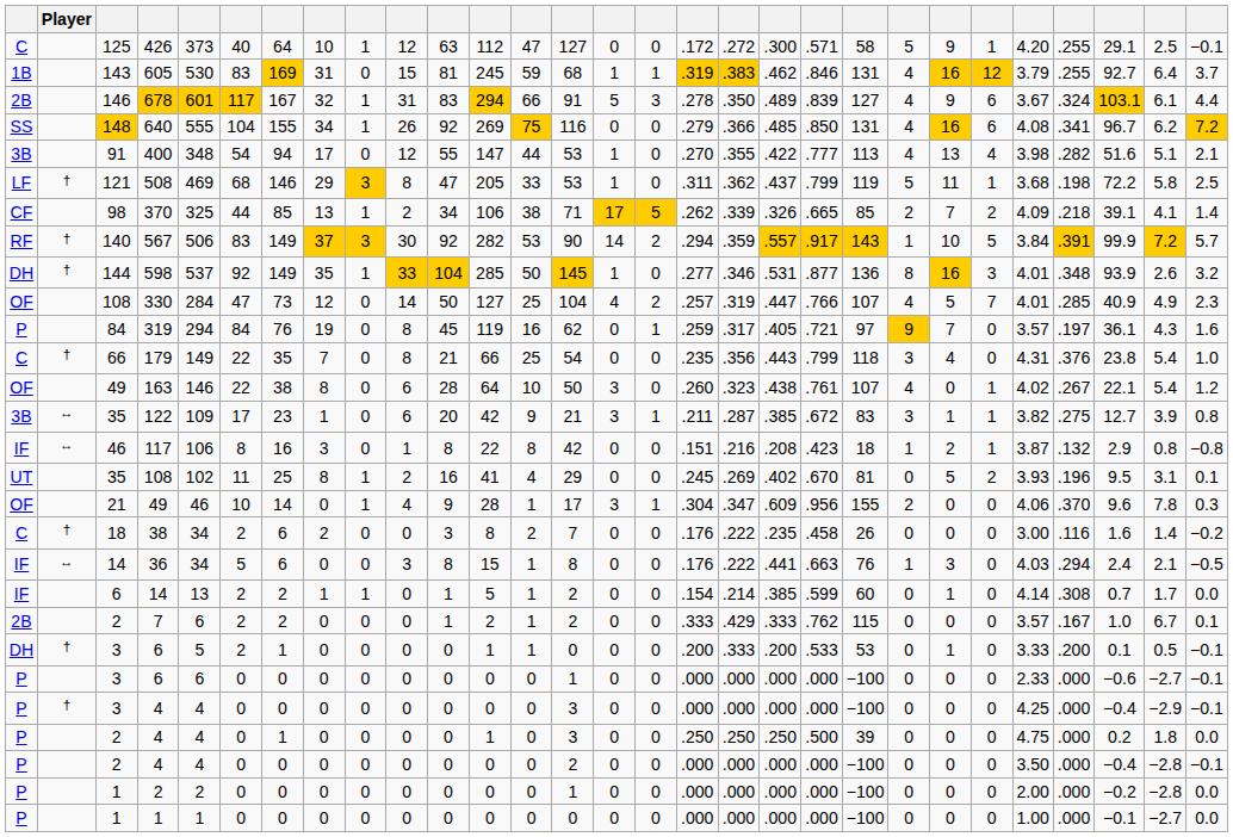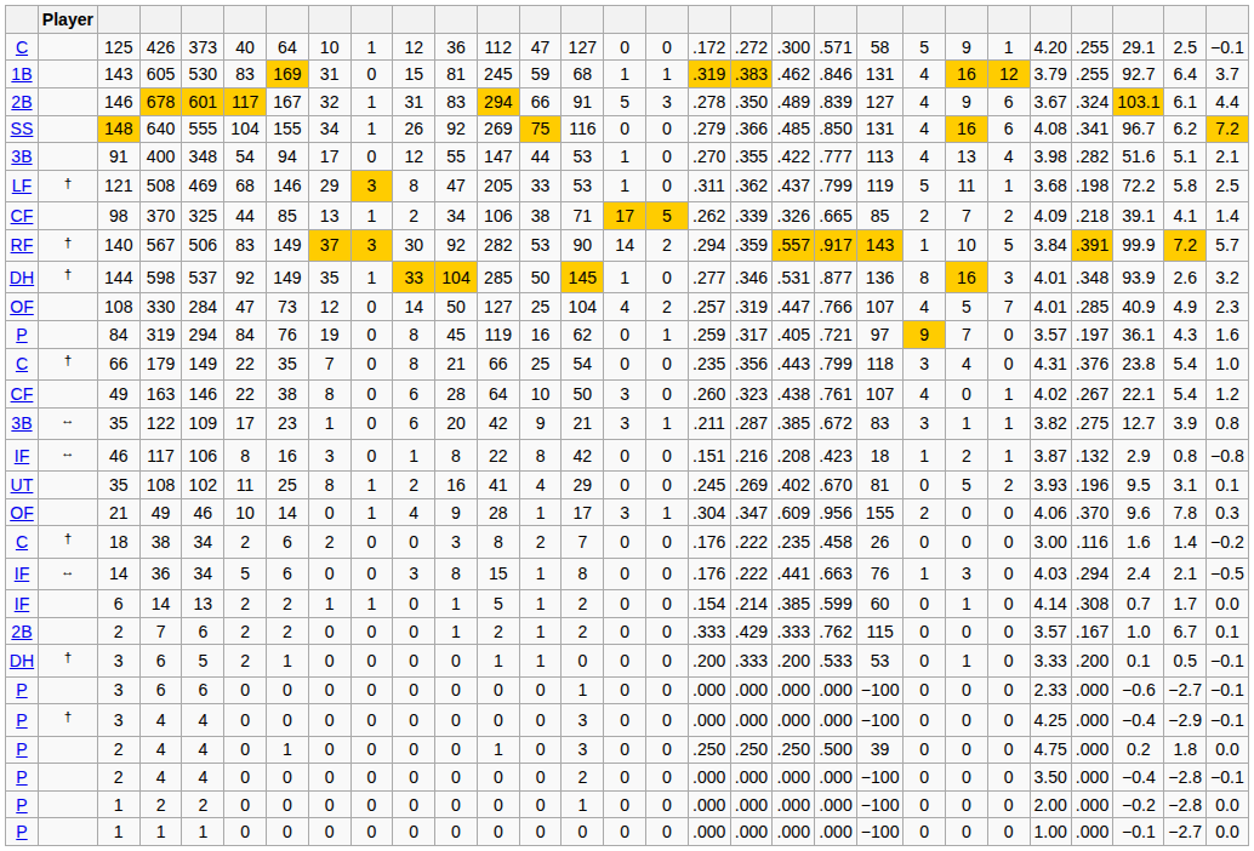 <table class="wikitable sortable" style="font-size:88%">
 <tr>
 <th></th>
 <th>Player</th>
 <th></th>
 <th></th>
 <th></th>
 <th></th>
 <th></th>
 <th></th>
 <th></th>
 <th></th>
 <th></th>
 <th></th>
 <th></th>
 <th></th>
 <th></th>
 <th></th>
 <th></th>
 <th></th>
 <th></th>
 <th></th>
 <th></th>
 <th></th>
 <th></th>
 <th></th>
 <th></th>
 <th></th>
 <th></th>
 <th></th>
 <th><br></th>
 </tr>
 <tr style="text-align:center;">
 <td><a href='#'>C</a></td>
 <td></td>
 <td>125</td>
 <td>426</td>
 <td>373</td>
 <td>40</td>
 <td>64</td>
 <td>10</td>
 <td>1</td>
 <td>12</td>
-<td>63</td>
+<td>36</td>
 <td>112</td>
 <td>47</td>
 <td>127</td>
 <td>0</td>
 <td>0</td>
 <td>.172</td>
 <td>.272</td>
 <td>.300</td>
 <td>.571</td>
 <td>58</td>
 <td>5</td>
 <td>9</td>
 <td>1</td>
 <td>4.20</td>
 <td>.255</td>
 <td>29.1</td>
 <td>2.5</td>
 <td>−0.1</td>
 </tr>
 <tr style="text-align:center;">
 <td><a href='#'>1B</a></td>
 <td></td>
 <td>143</td>
 <td>605</td>
 <td>530</td>
 <td>83</td>
 <td style="background:#fc0; border:1px solid #aaa; width:2em;">169</td>
 <td>31</td>
 <td>0</td>
 <td>15</td>
 <td>81</td>
 <td>245</td>
 <td>59</td>
 <td>68</td>
 <td>1</td>
 <td>1</td>
 <td style="background:#fc0; border:1px solid #aaa; width:2em;">.319</td>
 <td style="background:#fc0; border:1px solid #aaa; width:2em;">.383</td>
 <td>.462</td>
 <td>.846</td>
 <td>131</td>
 <td>4</td>
 <td style="background:#fc0; border:1px solid #aaa; width:2em;">16</td>
 <td style="background:#fc0; border:1px solid #aaa; width:2em;">12</td>
 <td>3.79</td>
 <td>.255</td>
 <td>92.7</td>
 <td>6.4</td>
 <td>3.7</td>
 </tr>
 <tr style="text-align:center;">
 <td><a href='#'>2B</a></td>
 <td></td>
 <td>146</td>
 <td style="background:#fc0; border:1px solid #aaa; width:2em;">678</td>
 <td style="background:#fc0; border:1px solid #aaa; width:2em;">601</td>
 <td style="background:#fc0; border:1px solid #aaa; width:2em;">117</td>
 <td>167</td>
 <td>32</td>
 <td>1</td>
 <td>31</td>
 <td>83</td>
 <td style="background:#fc0; border:1px solid #aaa; width:2em;">294</td>
 <td>66</td>
 <td>91</td>
 <td>5</td>
 <td>3</td>
 <td>.278</td>
 <td>.350</td>
 <td>.489</td>
 <td>.839</td>
 <td>127</td>
 <td>4</td>
 <td>9</td>
 <td>6</td>
 <td>3.67</td>
 <td>.324</td>
 <td style="background:#fc0; border:1px solid #aaa; width:2em;">103.1</td>
 <td>6.1</td>
 <td>4.4</td>
 </tr>
 <tr style="text-align:center;">
 <td><a href='#'>SS</a></td>
 <td></td>
 <td style="background:#fc0; border:1px solid #aaa; width:2em;">148</td>
 <td>640</td>
 <td>555</td>
 <td>104</td>
 <td>155</td>
 <td>34</td>
 <td>1</td>
 <td>26</td>
 <td>92</td>
 <td>269</td>
 <td style="background:#fc0; border:1px solid #aaa; width:2em;">75</td>
 <td>116</td>
 <td>0</td>
 <td>0</td>
 <td>.279</td>
 <td>.366</td>
 <td>.485</td>
 <td>.850</td>
 <td>131</td>
 <td>4</td>
 <td style="background:#fc0; border:1px solid #aaa; width:2em;">16</td>
 <td>6</td>
 <td>4.08</td>
 <td>.341</td>
 <td>96.7</td>
 <td>6.2</td>
 <td style="background:#fc0; border:1px solid #aaa; width:2em;">7.2</td>
 </tr>
 <tr style="text-align:center;">
 <td><a href='#'>3B</a></td>
 <td></td>
 <td>91</td>
 <td>400</td>
 <td>348</td>
 <td>54</td>
 <td>94</td>
 <td>17</td>
 <td>0</td>
 <td>12</td>
 <td>55</td>
 <td>147</td>
 <td>44</td>
 <td>53</td>
 <td>1</td>
 <td>0</td>
 <td>.270</td>
 <td>.355</td>
 <td>.422</td>
 <td>.777</td>
 <td>113</td>
 <td>4</td>
 <td>13</td>
 <td>4</td>
 <td>3.98</td>
 <td>.282</td>
 <td>51.6</td>
 <td>5.1</td>
 <td>2.1</td>
 </tr>
 <tr style="text-align:center;">
 <td><a href='#'>LF</a></td>
 <td><sup>†</sup></td>
 <td>121</td>
 <td>508</td>
 <td>469</td>
 <td>68</td>
 <td>146</td>
 <td>29</td>
 <td style="background:#fc0; border:1px solid #aaa; width:2em;">3</td>
 <td>8</td>
 <td>47</td>
 <td>205</td>
 <td>33</td>
 <td>53</td>
 <td>1</td>
 <td>0</td>
 <td>.311</td>
 <td>.362</td>
 <td>.437</td>
 <td>.799</td>
 <td>119</td>
 <td>5</td>
 <td>11</td>
 <td>1</td>
 <td>3.68</td>
 <td>.198</td>
 <td>72.2</td>
 <td>5.8</td>
 <td>2.5</td>
 </tr>
 <tr style="text-align:center;">
 <td><a href='#'>CF</a></td>
 <td></td>
 <td>98</td>
 <td>370</td>
 <td>325</td>
 <td>44</td>
 <td>85</td>
 <td>13</td>
 <td>1</td>
 <td>2</td>
 <td>34</td>
 <td>106</td>
 <td>38</td>
 <td>71</td>
 <td style="background:#fc0; border:1px solid #aaa; width:2em;">17</td>
 <td style="background:#fc0; border:1px solid #aaa; width:2em;">5</td>
 <td>.262</td>
 <td>.339</td>
 <td>.326</td>
 <td>.665</td>
 <td>85</td>
 <td>2</td>
 <td>7</td>
 <td>2</td>
 <td>4.09</td>
 <td>.218</td>
 <td>39.1</td>
 <td>4.1</td>
 <td>1.4</td>
 </tr>
 <tr style="text-align:center;">
 <td><a href='#'>RF</a></td>
 <td><sup>†</sup></td>
 <td>140</td>
 <td>567</td>
 <td>506</td>
 <td>83</td>
 <td>149</td>
 <td style="background:#fc0; border:1px solid #aaa; width:2em;">37</td>
 <td style="background:#fc0; border:1px solid #aaa; width:2em;">3</td>
 <td>30</td>
 <td>92</td>
 <td>282</td>
 <td>53</td>
 <td>90</td>
 <td>14</td>
 <td>2</td>
 <td>.294</td>
 <td>.359</td>
 <td style="background:#fc0; border:1px solid #aaa; width:2em;">.557</td>
 <td style="background:#fc0; border:1px solid #aaa; width:2em;">.917</td>
 <td style="background:#fc0; border:1px solid #aaa; width:2em;">143</td>
 <td>1</td>
 <td>10</td>
 <td>5</td>
 <td>3.84</td>
 <td style="background:#fc0; border:1px solid #aaa; width:2em;">.391</td>
 <td>99.9</td>
 <td style="background:#fc0; border:1px solid #aaa; width:2em;">7.2</td>
 <td>5.7</td>
 </tr>
 <tr style="text-align:center;">
 <td><a href='#'>DH</a></td>
 <td><sup>†</sup></td>
 <td>144</td>
 <td>598</td>
 <td>537</td>
 <td>92</td>
 <td>149</td>
 <td>35</td>
 <td>1</td>
 <td style="background:#fc0; border:1px solid #aaa; width:2em;">33</td>
 <td style="background:#fc0; border:1px solid #aaa; width:2em;">104</td>
 <td>285</td>
 <td>50</td>
 <td style="background:#fc0; border:1px solid #aaa; width:2em;">145</td>
 <td>1</td>
 <td>0</td>
 <td>.277</td>
 <td>.346</td>
 <td>.531</td>
 <td>.877</td>
 <td>136</td>
 <td>8</td>
 <td style="background:#fc0; border:1px solid #aaa; width:2em;">16</td>
 <td>3</td>
 <td>4.01</td>
 <td>.348</td>
 <td>93.9</td>
 <td>2.6</td>
 <td>3.2</td>
 </tr>
 <tr style="text-align:center;">
 <td><a href='#'>OF</a></td>
 <td></td>
 <td>108</td>
 <td>330</td>
 <td>284</td>
 <td>47</td>
 <td>73</td>
 <td>12</td>
 <td>0</td>
 <td>14</td>
 <td>50</td>
 <td>127</td>
 <td>25</td>
 <td>104</td>
 <td>4</td>
 <td>2</td>
 <td>.257</td>
 <td>.319</td>
 <td>.447</td>
 <td>.766</td>
 <td>107</td>
 <td>4</td>
 <td>5</td>
 <td>7</td>
 <td>4.01</td>
 <td>.285</td>
 <td>40.9</td>
 <td>4.9</td>
 <td>2.3</td>
 </tr>
 <tr style="text-align:center;">
 <td><a href='#'>P</a></td>
 <td></td>
 <td>84</td>
 <td>319</td>
 <td>294</td>
 <td>84</td>
 <td>76</td>
 <td>19</td>
 <td>0</td>
 <td>8</td>
 <td>45</td>
 <td>119</td>
 <td>16</td>
 <td>62</td>
 <td>0</td>
 <td>1</td>
 <td>.259</td>
 <td>.317</td>
 <td>.405</td>
 <td>.721</td>
 <td>97</td>
 <td style="background:#fc0; border:1px solid #aaa; width:2em;">9</td>
 <td>7</td>
 <td>0</td>
 <td>3.57</td>
 <td>.197</td>
 <td>36.1</td>
 <td>4.3</td>
 <td>1.6</td>
 </tr>
 <tr style="text-align:center;">
 <td><a href='#'>C</a></td>
 <td><sup>†</sup></td>
 <td>66</td>
 <td>179</td>
 <td>149</td>
 <td>22</td>
 <td>35</td>
 <td>7</td>
 <td>0</td>
 <td>8</td>
 <td>21</td>
 <td>66</td>
 <td>25</td>
 <td>54</td>
 <td>0</td>
 <td>0</td>
 <td>.235</td>
 <td>.356</td>
 <td>.443</td>
 <td>.799</td>
 <td>118</td>
 <td>3</td>
 <td>4</td>
 <td>0</td>
 <td>4.31</td>
 <td>.376</td>
 <td>23.8</td>
 <td>5.4</td>
 <td>1.0</td>
 </tr>
 <tr style="text-align:center;">
-<td><a href='#'>OF</a></td>
+<td><a href='#'>CF</a></td>
 <td></td>
 <td>49</td>
 <td>163</td>
 <td>146</td>
 <td>22</td>
 <td>38</td>
 <td>8</td>
 <td>0</td>
 <td>6</td>
 <td>28</td>
 <td>64</td>
 <td>10</td>
 <td>50</td>
 <td>3</td>
 <td>0</td>
 <td>.260</td>
 <td>.323</td>
 <td>.438</td>
 <td>.761</td>
 <td>107</td>
 <td>4</td>
 <td>0</td>
 <td>1</td>
 <td>4.02</td>
 <td>.267</td>
 <td>22.1</td>
 <td>5.4</td>
 <td>1.2</td>
 </tr>
 <tr style="text-align:center;">
 <td><a href='#'>3B</a></td>
 <td><sup>↔</sup></td>
 <td>35</td>
 <td>122</td>
 <td>109</td>
 <td>17</td>
 <td>23</td>
 <td>1</td>
 <td>0</td>
 <td>6</td>
 <td>20</td>
 <td>42</td>
 <td>9</td>
 <td>21</td>
 <td>3</td>
 <td>1</td>
 <td>.211</td>
 <td>.287</td>
 <td>.385</td>
 <td>.672</td>
 <td>83</td>
 <td>3</td>
 <td>1</td>
 <td>1</td>
 <td>3.82</td>
 <td>.275</td>
 <td>12.7</td>
 <td>3.9</td>
 <td>0.8</td>
 </tr>
 <tr style="text-align:center;">
 <td><a href='#'>IF</a></td>
 <td><sup>↔</sup></td>
 <td>46</td>
 <td>117</td>
 <td>106</td>
 <td>8</td>
 <td>16</td>
 <td>3</td>
 <td>0</td>
 <td>1</td>
 <td>8</td>
 <td>22</td>
 <td>8</td>
 <td>42</td>
 <td>0</td>
 <td>0</td>
 <td>.151</td>
 <td>.216</td>
 <td>.208</td>
 <td>.423</td>
 <td>18</td>
 <td>1</td>
 <td>2</td>
 <td>1</td>
 <td>3.87</td>
 <td>.132</td>
 <td>2.9</td>
 <td>0.8</td>
 <td>−0.8</td>
 </tr>
 <tr style="text-align:center;">
 <td><a href='#'>UT</a></td>
 <td></td>
 <td>35</td>
 <td>108</td>
 <td>102</td>
 <td>11</td>
 <td>25</td>
 <td>8</td>
 <td>1</td>
 <td>2</td>
 <td>16</td>
 <td>41</td>
 <td>4</td>
 <td>29</td>
 <td>0</td>
 <td>0</td>
 <td>.245</td>
 <td>.269</td>
 <td>.402</td>
 <td>.670</td>
 <td>81</td>
 <td>0</td>
 <td>5</td>
 <td>2</td>
 <td>3.93</td>
 <td>.196</td>
 <td>9.5</td>
 <td>3.1</td>
 <td>0.1</td>
 </tr>
 <tr style="text-align:center;">
 <td><a href='#'>OF</a></td>
 <td></td>
 <td>21</td>
 <td>49</td>
 <td>46</td>
 <td>10</td>
 <td>14</td>
 <td>0</td>
 <td>1</td>
 <td>4</td>
 <td>9</td>
 <td>28</td>
 <td>1</td>
 <td>17</td>
 <td>3</td>
 <td>1</td>
 <td>.304</td>
 <td>.347</td>
 <td>.609</td>
 <td>.956</td>
 <td>155</td>
 <td>2</td>
 <td>0</td>
 <td>0</td>
 <td>4.06</td>
 <td>.370</td>
 <td>9.6</td>
 <td>7.8</td>
 <td>0.3</td>
 </tr>
 <tr style="text-align:center;">
 <td><a href='#'>C</a></td>
 <td><sup>†</sup></td>
 <td>18</td>
 <td>38</td>
 <td>34</td>
 <td>2</td>
 <td>6</td>
 <td>2</td>
 <td>0</td>
 <td>0</td>
 <td>3</td>
 <td>8</td>
 <td>2</td>
 <td>7</td>
 <td>0</td>
 <td>0</td>
 <td>.176</td>
 <td>.222</td>
 <td>.235</td>
 <td>.458</td>
 <td>26</td>
 <td>0</td>
 <td>0</td>
 <td>0</td>
 <td>3.00</td>
 <td>.116</td>
 <td>1.6</td>
 <td>1.4</td>
 <td>−0.2</td>
 </tr>
 <tr style="text-align:center;">
 <td><a href='#'>IF</a></td>
 <td><sup>↔</sup></td>
 <td>14</td>
 <td>36</td>
 <td>34</td>
 <td>5</td>
 <td>6</td>
 <td>0</td>
 <td>0</td>
 <td>3</td>
 <td>8</td>
 <td>15</td>
 <td>1</td>
 <td>8</td>
 <td>0</td>
 <td>0</td>
 <td>.176</td>
 <td>.222</td>
 <td>.441</td>
 <td>.663</td>
 <td>76</td>
 <td>1</td>
 <td>3</td>
 <td>0</td>
 <td>4.03</td>
 <td>.294</td>
 <td>2.4</td>
 <td>2.1</td>
 <td>−0.5</td>
 </tr>
 <tr style="text-align:center;">
 <td><a href='#'>IF</a></td>
 <td></td>
 <td>6</td>
 <td>14</td>
 <td>13</td>
 <td>2</td>
 <td>2</td>
 <td>1</td>
 <td>1</td>
 <td>0</td>
 <td>1</td>
 <td>5</td>
 <td>1</td>
 <td>2</td>
 <td>0</td>
 <td>0</td>
 <td>.154</td>
 <td>.214</td>
 <td>.385</td>
 <td>.599</td>
 <td>60</td>
 <td>0</td>
 <td>1</td>
 <td>0</td>
 <td>4.14</td>
 <td>.308</td>
 <td>0.7</td>
 <td>1.7</td>
 <td>0.0</td>
 </tr>
 <tr style="text-align:center;">
 <td><a href='#'>2B</a></td>
 <td></td>
 <td>2</td>
 <td>7</td>
 <td>6</td>
 <td>2</td>
 <td>2</td>
 <td>0</td>
 <td>0</td>
 <td>0</td>
 <td>1</td>
 <td>2</td>
 <td>1</td>
 <td>2</td>
 <td>0</td>
 <td>0</td>
 <td>.333</td>
 <td>.429</td>
 <td>.333</td>
 <td>.762</td>
 <td>115</td>
 <td>0</td>
 <td>0</td>
 <td>0</td>
 <td>3.57</td>
 <td>.167</td>
 <td>1.0</td>
 <td>6.7</td>
 <td>0.1</td>
 </tr>
 <tr style="text-align:center;">
 <td><a href='#'>DH</a></td>
 <td><sup>†</sup></td>
 <td>3</td>
 <td>6</td>
 <td>5</td>
 <td>2</td>
 <td>1</td>
 <td>0</td>
 <td>0</td>
 <td>0</td>
 <td>0</td>
 <td>1</td>
 <td>1</td>
 <td>0</td>
 <td>0</td>
 <td>0</td>
 <td>.200</td>
 <td>.333</td>
 <td>.200</td>
 <td>.533</td>
 <td>53</td>
 <td>0</td>
 <td>1</td>
 <td>0</td>
 <td>3.33</td>
 <td>.200</td>
 <td>0.1</td>
 <td>0.5</td>
 <td>−0.1</td>
 </tr>
 <tr style="text-align:center;">
 <td><a href='#'>P</a></td>
 <td></td>
 <td>3</td>
 <td>6</td>
 <td>6</td>
 <td>0</td>
 <td>0</td>
 <td>0</td>
 <td>0</td>
 <td>0</td>
 <td>0</td>
 <td>0</td>
 <td>0</td>
 <td>1</td>
 <td>0</td>
 <td>0</td>
 <td>.000</td>
 <td>.000</td>
 <td>.000</td>
 <td>.000</td>
 <td>−100</td>
 <td>0</td>
 <td>0</td>
 <td>0</td>
 <td>2.33</td>
 <td>.000</td>
 <td>−0.6</td>
 <td>−2.7</td>
 <td>−0.1</td>
 </tr>
 <tr style="text-align:center;">
 <td><a href='#'>P</a></td>
 <td><sup>†</sup></td>
 <td>3</td>
 <td>4</td>
 <td>4</td>
 <td>0</td>
 <td>0</td>
 <td>0</td>
 <td>0</td>
 <td>0</td>
 <td>0</td>
 <td>0</td>
 <td>0</td>
 <td>3</td>
 <td>0</td>
 <td>0</td>
 <td>.000</td>
 <td>.000</td>
 <td>.000</td>
 <td>.000</td>
 <td>−100</td>
 <td>0</td>
 <td>0</td>
 <td>0</td>
 <td>4.25</td>
 <td>.000</td>
 <td>−0.4</td>
 <td>−2.9</td>
 <td>−0.1</td>
 </tr>
 <tr style="text-align:center;">
 <td><a href='#'>P</a></td>
 <td></td>
 <td>2</td>
 <td>4</td>
 <td>4</td>
 <td>0</td>
 <td>1</td>
 <td>0</td>
 <td>0</td>
 <td>0</td>
 <td>0</td>
 <td>1</td>
 <td>0</td>
 <td>3</td>
 <td>0</td>
 <td>0</td>
 <td>.250</td>
 <td>.250</td>
 <td>.250</td>
 <td>.500</td>
 <td>39</td>
 <td>0</td>
 <td>0</td>
 <td>0</td>
 <td>4.75</td>
 <td>.000</td>
 <td>0.2</td>
 <td>1.8</td>
 <td>0.0</td>
 </tr>
 <tr style="text-align:center;">
 <td><a href='#'>P</a></td>
 <td></td>
 <td>2</td>
 <td>4</td>
 <td>4</td>
 <td>0</td>
 <td>0</td>
 <td>0</td>
 <td>0</td>
 <td>0</td>
 <td>0</td>
 <td>0</td>
 <td>0</td>
 <td>2</td>
 <td>0</td>
 <td>0</td>
 <td>.000</td>
 <td>.000</td>
 <td>.000</td>
 <td>.000</td>
 <td>−100</td>
 <td>0</td>
 <td>0</td>
 <td>0</td>
 <td>3.50</td>
 <td>.000</td>
 <td>−0.4</td>
 <td>−2.8</td>
 <td>−0.1</td>
 </tr>
 <tr style="text-align:center;">
 <td><a href='#'>P</a></td>
 <td></td>
 <td>1</td>
 <td>2</td>
 <td>2</td>
 <td>0</td>
 <td>0</td>
 <td>0</td>
 <td>0</td>
 <td>0</td>
 <td>0</td>
 <td>0</td>
 <td>0</td>
 <td>1</td>
 <td>0</td>
 <td>0</td>
 <td>.000</td>
 <td>.000</td>
 <td>.000</td>
 <td>.000</td>
 <td>−100</td>
 <td>0</td>
 <td>0</td>
 <td>0</td>
 <td>2.00</td>
 <td>.000</td>
 <td>−0.2</td>
 <td>−2.8</td>
 <td>0.0</td>
 </tr>
 <tr style="text-align:center;">
 <td><a href='#'>P</a></td>
 <td></td>
 <td>1</td>
 <td>1</td>
 <td>1</td>
 <td>0</td>
 <td>0</td>
 <td>0</td>
 <td>0</td>
 <td>0</td>
 <td>0</td>
 <td>0</td>
 <td>0</td>
 <td>0</td>
 <td>0</td>
 <td>0</td>
 <td>.000</td>
 <td>.000</td>
 <td>.000</td>
 <td>.000</td>
 <td>−100</td>
 <td>0</td>
 <td>0</td>
 <td>0</td>
 <td>1.00</td>
 <td>.000</td>
 <td>−0.1</td>
 <td>−2.7</td>
 <td>0.0</td>
 </tr>
 <tr>
 </tr>
 </table>
